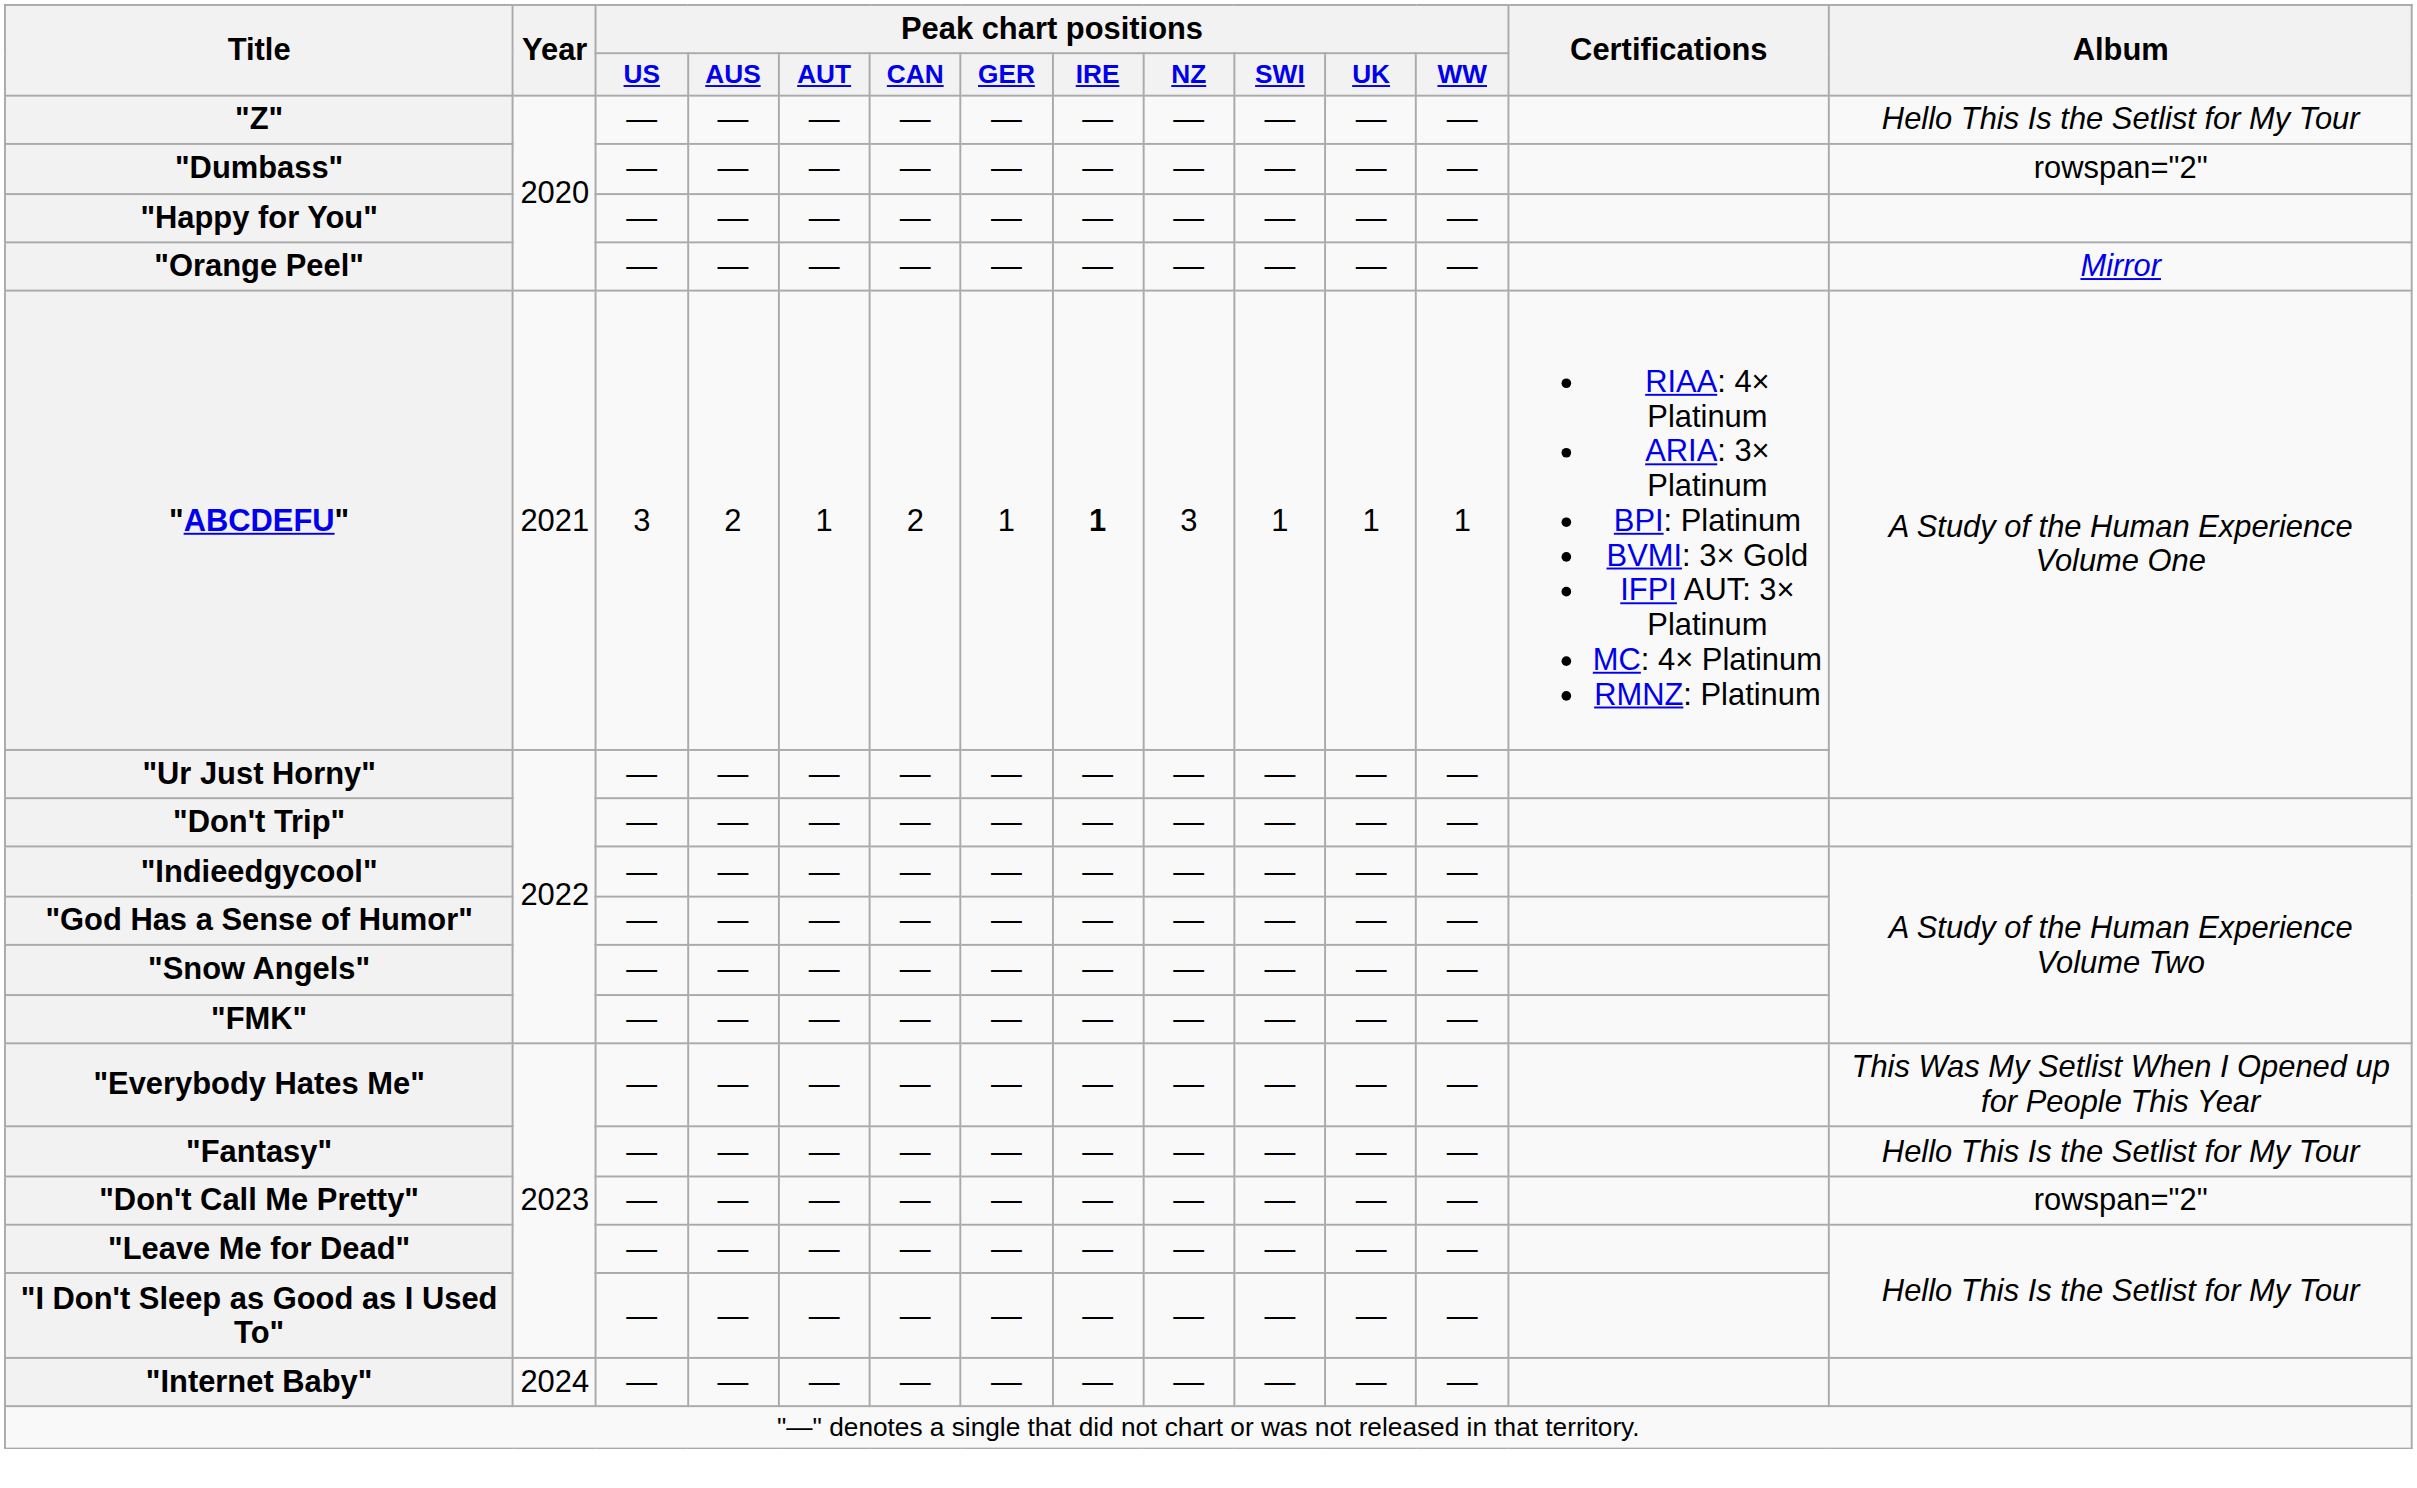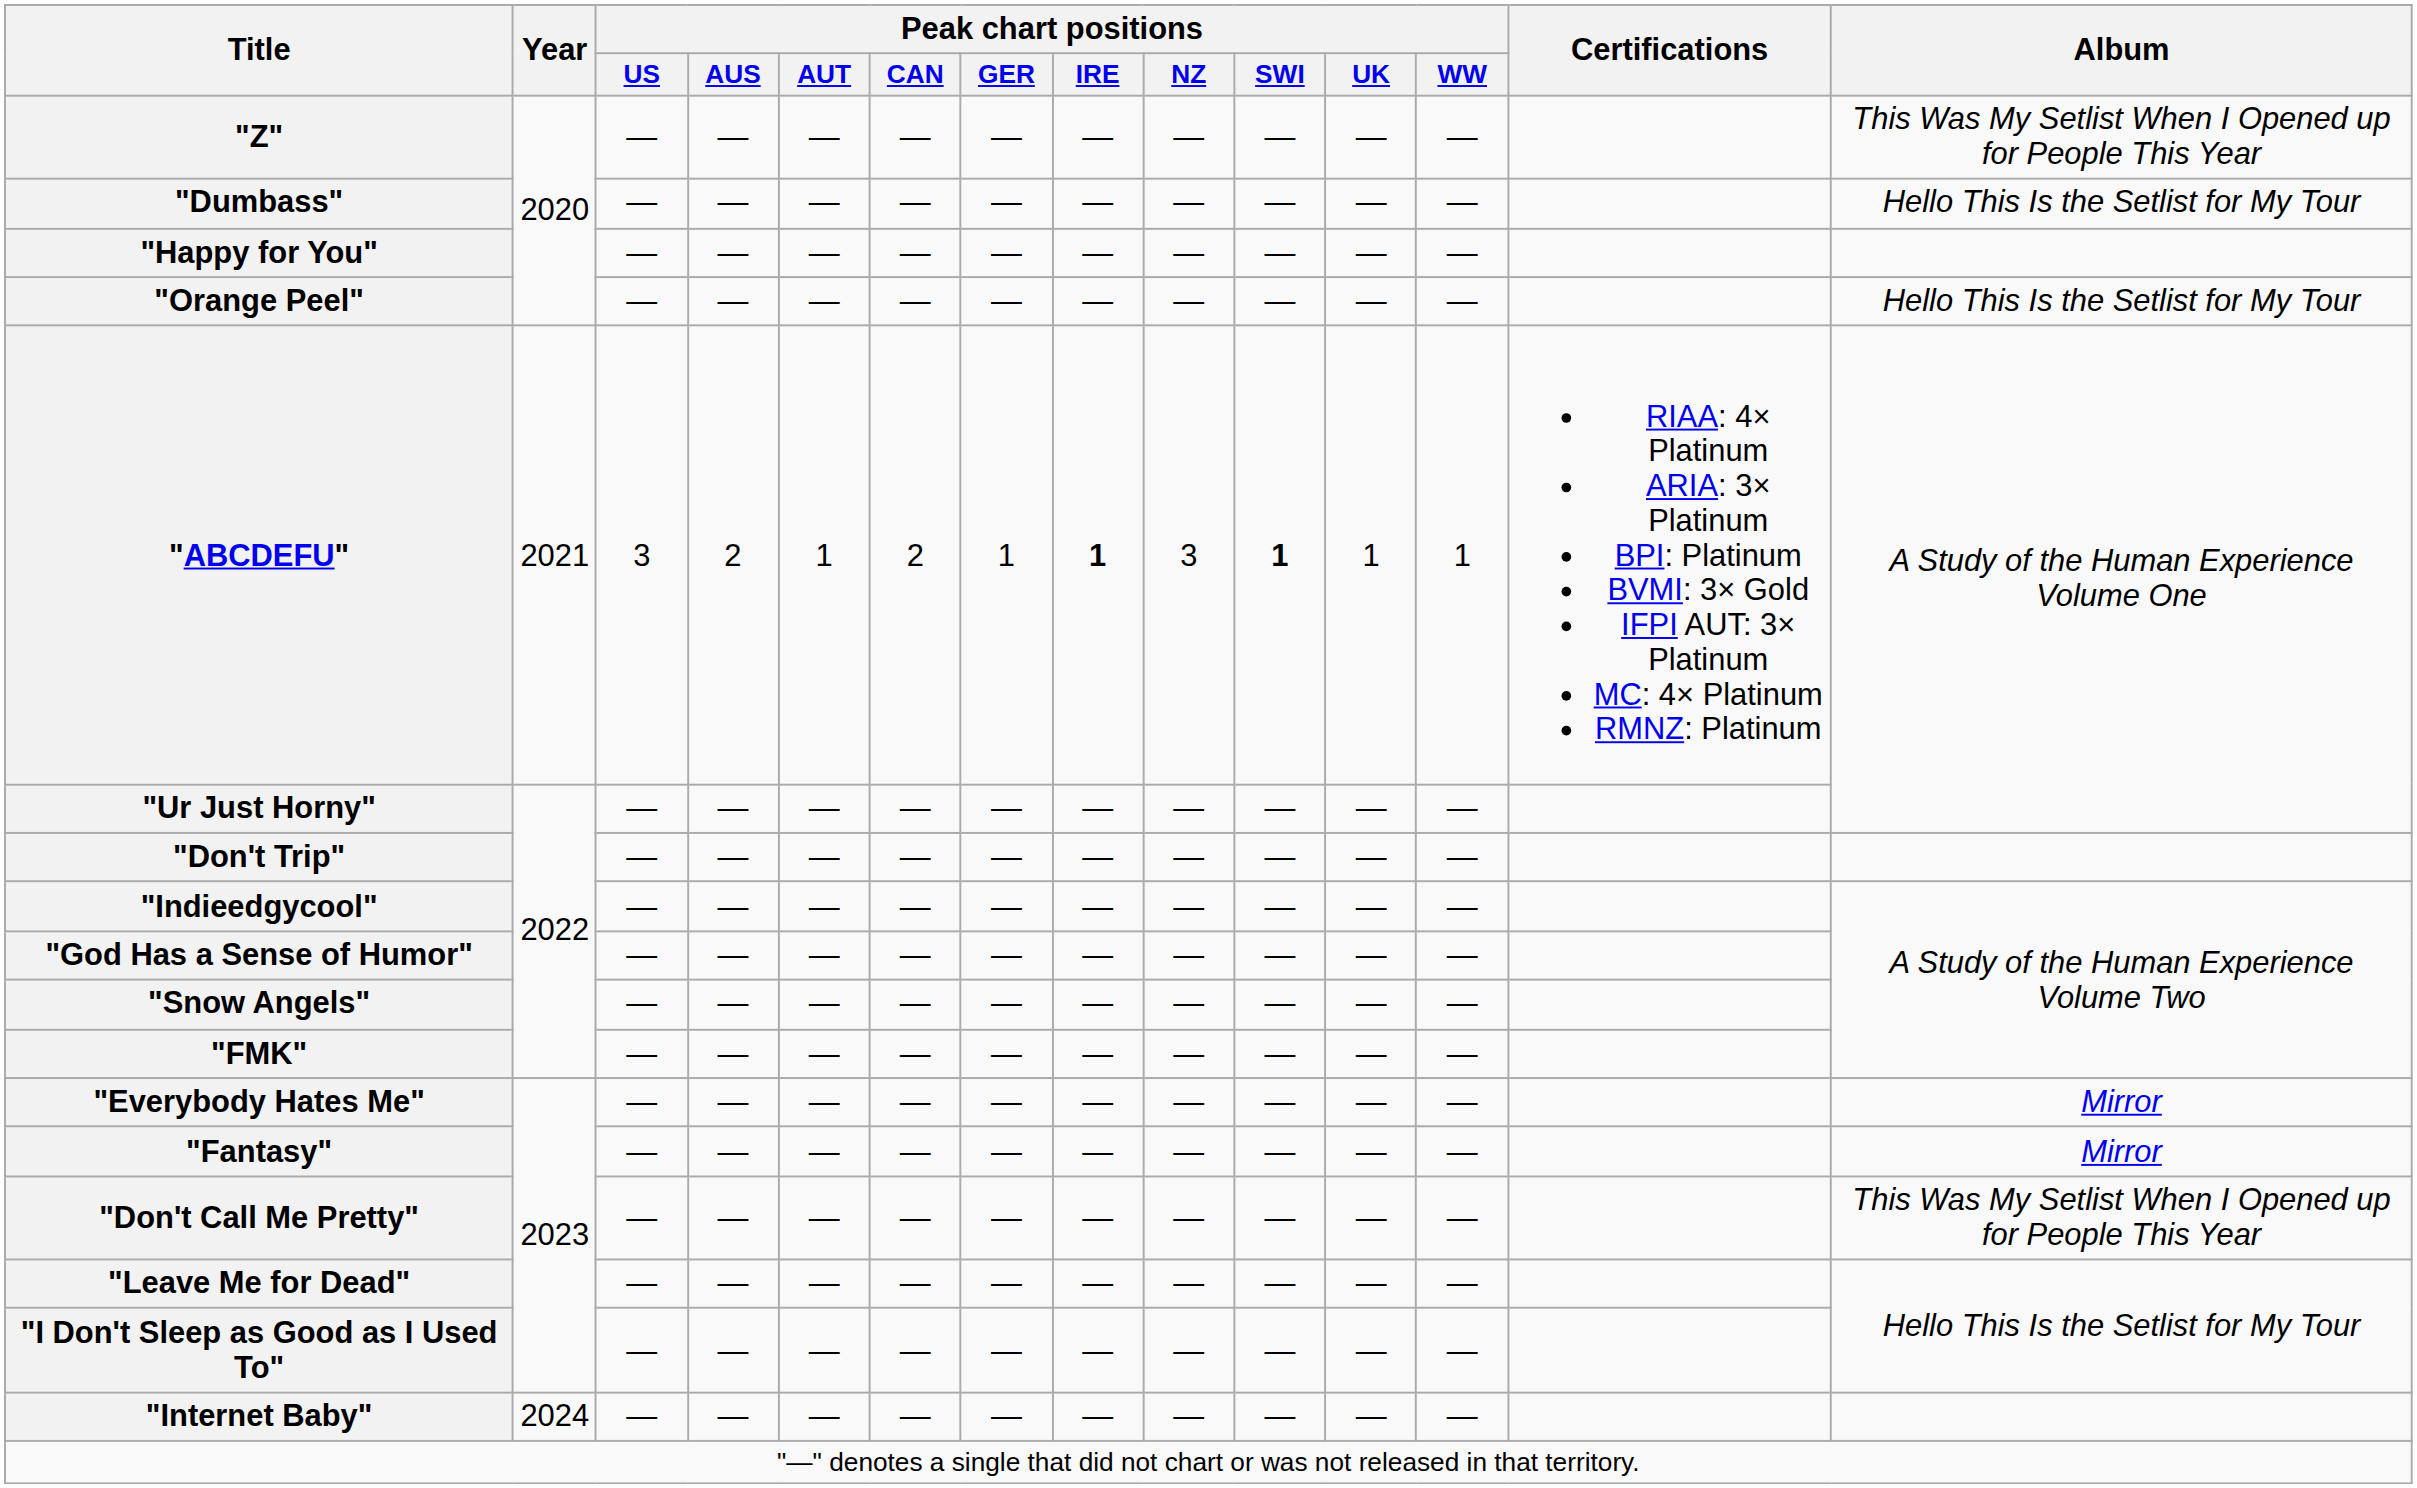 <table class="wikitable plainrowheaders" style="text-align:center;">
 <tr>
 <th scope="col" rowspan="2" style="width:16em;">Title</th>
 <th scope="col" rowspan="2" style="width:1em;">Year</th>
 <th scope="col" colspan="10">Peak chart positions</th>
 <th scope="col" rowspan="2">Certifications</th>
 <th scope="col" rowspan="2">Album</th>
 </tr>
 <tr>
 <th scope="col" style="width:3em;font-size:85%;"><a href='#'>US</a><br></th>
 <th scope="col" style="width:3em;font-size:85%;"><a href='#'>AUS</a><br></th>
 <th scope="col" style="width:3em;font-size:85%;"><a href='#'>AUT</a><br></th>
 <th scope="col" style="width:3em;font-size:85%;"><a href='#'>CAN</a><br></th>
 <th scope="col" style="width:3em;font-size:85%;"><a href='#'>GER</a><br></th>
 <th scope="col" style="width:3em;font-size:85%;"><a href='#'>IRE</a><br></th>
 <th scope="col" style="width:3em;font-size:85%;"><a href='#'>NZ</a><br></th>
 <th scope="col" style="width:3em;font-size:85%;"><a href='#'>SWI</a><br></th>
 <th scope="col" style="width:3em;font-size:85%;"><a href='#'>UK</a><br></th>
 <th scope="col" style="width:3em;font-size:85%;"><a href='#'>WW</a><br></th>
 </tr>
 <tr>
 <th scope="row">"Z"</th>
 <td rowspan="4">2020</td>
 <td>—</td>
 <td>—</td>
 <td>—</td>
 <td>—</td>
 <td>—</td>
 <td>—</td>
 <td>—</td>
 <td>—</td>
 <td>—</td>
 <td>—</td>
 <td></td>
-<td><em>Hello This Is the Setlist for My Tour</em></td>
+<td><em>This Was My Setlist When I Opened up for People This Year</em></td>
 </tr>
 <tr>
 <th scope="row">"Dumbass"</th>
 <td>—</td>
 <td>—</td>
 <td>—</td>
 <td>—</td>
 <td>—</td>
 <td>—</td>
 <td>—</td>
 <td>—</td>
 <td>—</td>
 <td>—</td>
 <td></td>
-<td>rowspan="2" </td>
+<td><em>Hello This Is the Setlist for My Tour</em></td>
 </tr>
 <tr>
 <th scope="row">"Happy for You"</th>
 <td>—</td>
 <td>—</td>
 <td>—</td>
 <td>—</td>
 <td>—</td>
 <td>—</td>
 <td>—</td>
 <td>—</td>
 <td>—</td>
 <td>—</td>
 <td></td>
 </tr>
 <tr>
 <th scope="row">"Orange Peel"</th>
 <td>—</td>
 <td>—</td>
 <td>—</td>
 <td>—</td>
 <td>—</td>
 <td>—</td>
 <td>—</td>
 <td>—</td>
 <td>—</td>
 <td>—</td>
 <td></td>
-<td><em><a href='#'>Mirror</a></em></td>
+<td><em>Hello This Is the Setlist for My Tour</em></td>
 </tr>
 <tr>
 <th scope="row">"<a href='#'>ABCDEFU</a>"</th>
 <td>2021</td>
 <td>3</td>
 <td>2</td>
 <td>1</td>
 <td>2</td>
 <td>1</td>
 <td><strong>1</strong></td>
 <td>3</td>
-<td>1</td>
+<td><strong>1</strong></td>
 <td>1</td>
 <td>1</td>
 <td><br><ul><li><a href='#'>RIAA</a>: 4× Platinum</li><li><a href='#'>ARIA</a>: 3× Platinum</li><li><a href='#'>BPI</a>: Platinum</li><li><a href='#'>BVMI</a>: 3× Gold</li><li><a href='#'>IFPI</a> AUT: 3× Platinum</li><li><a href='#'>MC</a>: 4× Platinum</li><li><a href='#'>RMNZ</a>: Platinum</li></ul></td>
 <td rowspan="2"><em>A Study of the Human Experience Volume One</em></td>
 </tr>
 <tr>
 <th scope="row">"Ur Just Horny"</th>
 <td rowspan="6">2022</td>
 <td>—</td>
 <td>—</td>
 <td>—</td>
 <td>—</td>
 <td>—</td>
 <td>—</td>
 <td>—</td>
 <td>—</td>
 <td>—</td>
 <td>—</td>
 </tr>
 <tr>
 <th scope="row">"Don't Trip"<br></th>
 <td>—</td>
 <td>—</td>
 <td>—</td>
 <td>—</td>
 <td>—</td>
 <td>—</td>
 <td>—</td>
 <td>—</td>
 <td>—</td>
 <td>—</td>
 <td></td>
 <td></td>
 </tr>
 <tr>
 <th scope="row">"Indieedgycool"</th>
 <td>—</td>
 <td>—</td>
 <td>—</td>
 <td>—</td>
 <td>—</td>
 <td>—</td>
 <td>—</td>
 <td>—</td>
 <td>—</td>
 <td>—</td>
 <td></td>
 <td rowspan="4"><em>A Study of the Human Experience Volume Two</em></td>
 </tr>
 <tr>
 <th scope="row">"God Has a Sense of Humor"</th>
 <td>—</td>
 <td>—</td>
 <td>—</td>
 <td>—</td>
 <td>—</td>
 <td>—</td>
 <td>—</td>
 <td>—</td>
 <td>—</td>
 <td>—</td>
 </tr>
 <tr>
 <th scope="row">"Snow Angels"</th>
 <td>—</td>
 <td>—</td>
 <td>—</td>
 <td>—</td>
 <td>—</td>
 <td>—</td>
 <td>—</td>
 <td>—</td>
 <td>—</td>
 <td>—</td>
 <td></td>
 </tr>
 <tr>
 <th scope="row">"FMK"<br></th>
 <td>—</td>
 <td>—</td>
 <td>—</td>
 <td>—</td>
 <td>—</td>
 <td>—</td>
 <td>—</td>
 <td>—</td>
 <td>—</td>
 <td>—</td>
 <td></td>
 </tr>
 <tr>
 <th scope="row">"Everybody Hates Me"</th>
 <td rowspan="5">2023</td>
 <td>—</td>
 <td>—</td>
 <td>—</td>
 <td>—</td>
 <td>—</td>
 <td>—</td>
 <td>—</td>
 <td>—</td>
 <td>—</td>
 <td>—</td>
 <td></td>
-<td><em>This Was My Setlist When I Opened up for People This Year</em></td>
+<td><em><a href='#'>Mirror</a></em></td>
 </tr>
 <tr>
 <th scope="row">"Fantasy"<br></th>
 <td>—</td>
 <td>—</td>
 <td>—</td>
 <td>—</td>
 <td>—</td>
 <td>—</td>
 <td>—</td>
 <td>—</td>
 <td>—</td>
 <td>—</td>
 <td></td>
-<td><em>Hello This Is the Setlist for My Tour</em></td>
+<td><em><a href='#'>Mirror</a></em></td>
 </tr>
 <tr>
 <th scope="row">"Don't Call Me Pretty"</th>
 <td>—</td>
 <td>—</td>
 <td>—</td>
 <td>—</td>
 <td>—</td>
 <td>—</td>
 <td>—</td>
 <td>—</td>
 <td>—</td>
 <td>—</td>
 <td></td>
-<td>rowspan="2" </td>
+<td><em>This Was My Setlist When I Opened up for People This Year</em></td>
 </tr>
 <tr>
 <th scope="row">"Leave Me for Dead"</th>
 <td>—</td>
 <td>—</td>
 <td>—</td>
 <td>—</td>
 <td>—</td>
 <td>—</td>
 <td>—</td>
 <td>—</td>
 <td>—</td>
 <td>—</td>
 <td></td>
 <td rowspan="2"><em>Hello This Is the Setlist for My Tour</em></td>
 </tr>
 <tr>
 <th scope="row">"I Don't Sleep as Good as I Used To"</th>
 <td>—</td>
 <td>—</td>
 <td>—</td>
 <td>—</td>
 <td>—</td>
 <td>—</td>
 <td>—</td>
 <td>—</td>
 <td>—</td>
 <td>—</td>
 <td></td>
 </tr>
 <tr>
 <th scope="row">"Internet Baby"</th>
 <td>2024</td>
 <td>—</td>
 <td>—</td>
 <td>—</td>
 <td>—</td>
 <td>—</td>
 <td>—</td>
 <td>—</td>
 <td>—</td>
 <td>—</td>
 <td>—</td>
 <td></td>
 <td></td>
 </tr>
 <tr>
 <td colspan="15" style="font-size:85%;">"—" denotes a single that did not chart or was not released in that territory.</td>
 </tr>
 </table>
